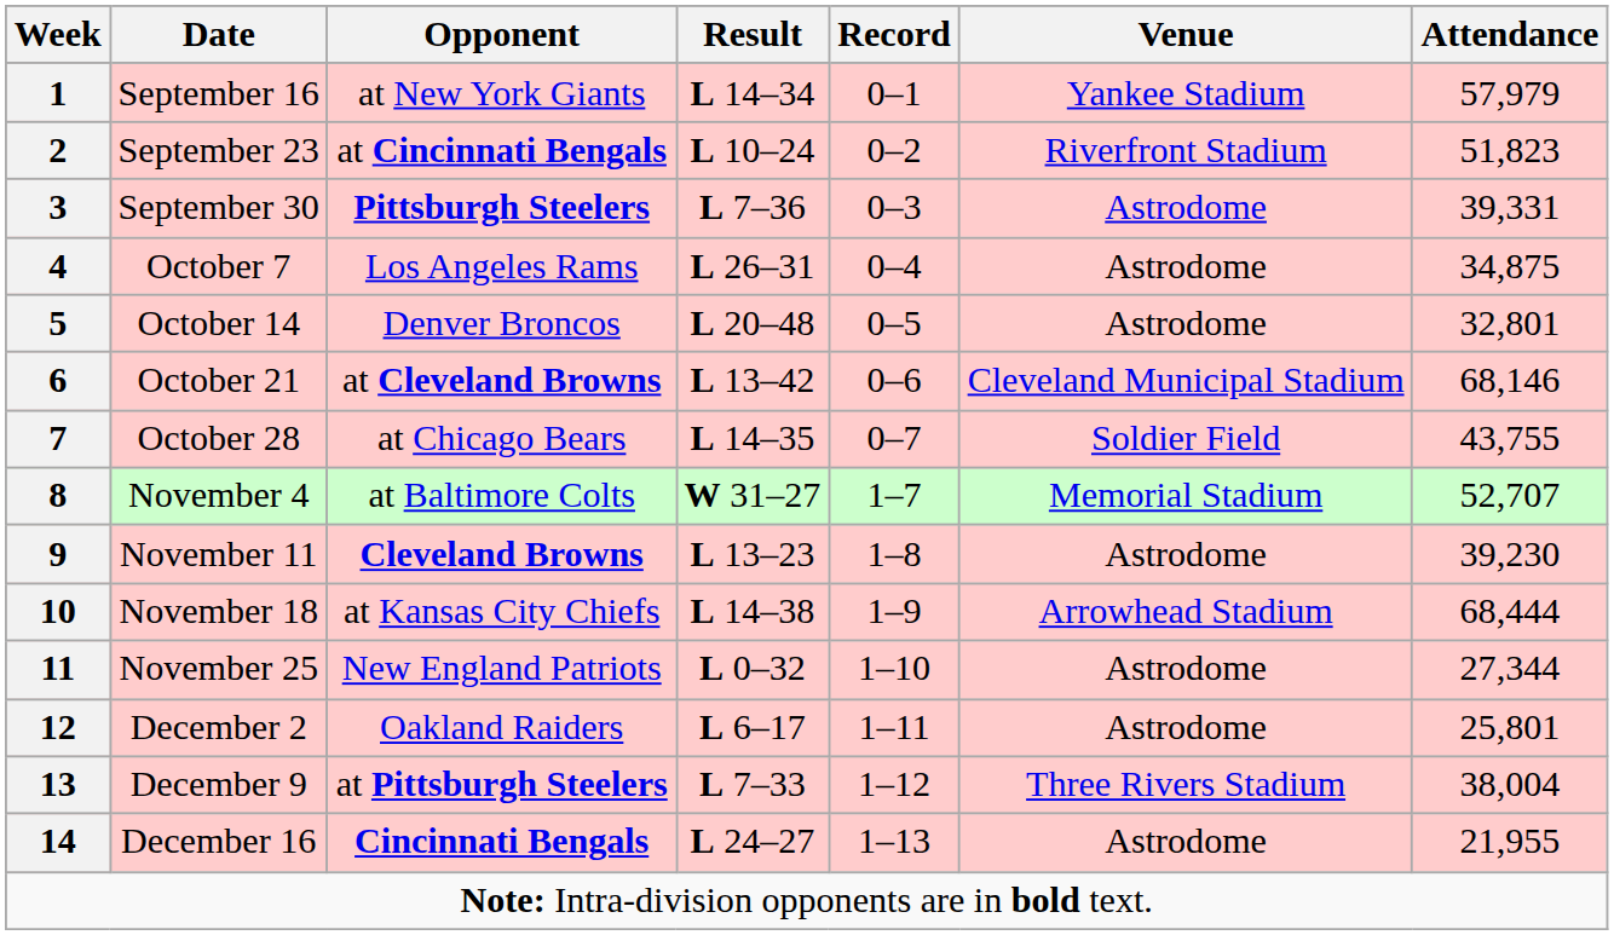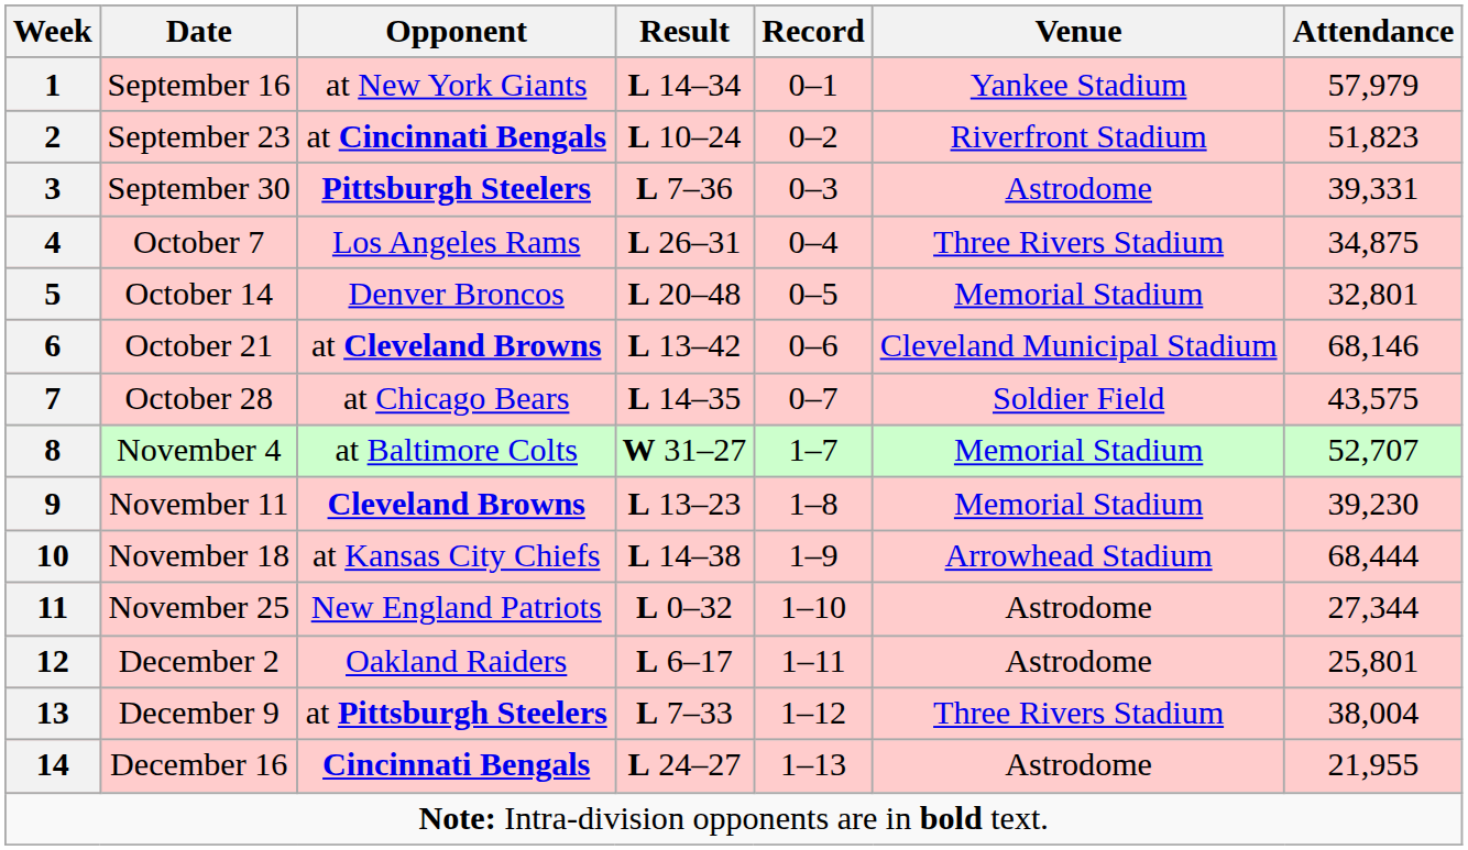 <table class="wikitable" style="text-align:center">
 <tr>
 <th>Week</th>
 <th>Date</th>
 <th>Opponent</th>
 <th>Result</th>
 <th>Record</th>
 <th>Venue</th>
 <th>Attendance</th>
 </tr>
 <tr style="background:#fcc">
 <th>1</th>
 <td>September 16</td>
 <td>at <a href='#'>New York Giants</a></td>
 <td><strong>L</strong> 14–34</td>
 <td>0–1</td>
 <td><a href='#'>Yankee Stadium</a></td>
 <td>57,979</td>
 </tr>
 <tr style="background:#fcc">
 <th>2</th>
 <td>September 23</td>
 <td>at <strong><a href='#'>Cincinnati Bengals</a></strong></td>
 <td><strong>L</strong> 10–24</td>
 <td>0–2</td>
 <td><a href='#'>Riverfront Stadium</a></td>
 <td>51,823</td>
 </tr>
 <tr style="background:#fcc">
 <th>3</th>
 <td>September 30</td>
 <td><strong><a href='#'>Pittsburgh Steelers</a></strong></td>
 <td><strong>L</strong> 7–36</td>
 <td>0–3</td>
 <td><a href='#'>Astrodome</a></td>
 <td>39,331</td>
 </tr>
 <tr style="background:#fcc">
 <th>4</th>
 <td>October 7</td>
 <td><a href='#'>Los Angeles Rams</a></td>
 <td><strong>L</strong> 26–31</td>
 <td>0–4</td>
-<td>Astrodome</td>
+<td><a href='#'>Three Rivers Stadium</a></td>
 <td>34,875</td>
 </tr>
 <tr style="background:#fcc">
 <th>5</th>
 <td>October 14</td>
 <td><a href='#'>Denver Broncos</a></td>
 <td><strong>L</strong> 20–48</td>
 <td>0–5</td>
-<td>Astrodome</td>
+<td><a href='#'>Memorial Stadium</a></td>
 <td>32,801</td>
 </tr>
 <tr style="background:#fcc">
 <th>6</th>
 <td>October 21</td>
 <td>at <strong><a href='#'>Cleveland Browns</a></strong></td>
 <td><strong>L</strong> 13–42</td>
 <td>0–6</td>
 <td><a href='#'>Cleveland Municipal Stadium</a></td>
 <td>68,146</td>
 </tr>
 <tr style="background:#fcc">
 <th>7</th>
 <td>October 28</td>
 <td>at <a href='#'>Chicago Bears</a></td>
 <td><strong>L</strong> 14–35</td>
 <td>0–7</td>
 <td><a href='#'>Soldier Field</a></td>
-<td>43,755</td>
+<td>43,575</td>
 </tr>
 <tr style="background:#cfc">
 <th>8</th>
 <td>November 4</td>
 <td>at <a href='#'>Baltimore Colts</a></td>
 <td><strong>W</strong> 31–27</td>
 <td>1–7</td>
 <td><a href='#'>Memorial Stadium</a></td>
 <td>52,707</td>
 </tr>
 <tr style="background:#fcc">
 <th>9</th>
 <td>November 11</td>
 <td><strong><a href='#'>Cleveland Browns</a></strong></td>
 <td><strong>L</strong> 13–23</td>
 <td>1–8</td>
-<td>Astrodome</td>
+<td><a href='#'>Memorial Stadium</a></td>
 <td>39,230</td>
 </tr>
 <tr style="background:#fcc">
 <th>10</th>
 <td>November 18</td>
 <td>at <a href='#'>Kansas City Chiefs</a></td>
 <td><strong>L</strong> 14–38</td>
 <td>1–9</td>
 <td><a href='#'>Arrowhead Stadium</a></td>
 <td>68,444</td>
 </tr>
 <tr style="background:#fcc">
 <th>11</th>
 <td>November 25</td>
 <td><a href='#'>New England Patriots</a></td>
 <td><strong>L</strong> 0–32</td>
 <td>1–10</td>
 <td>Astrodome</td>
 <td>27,344</td>
 </tr>
 <tr style="background:#fcc">
 <th>12</th>
 <td>December 2</td>
 <td><a href='#'>Oakland Raiders</a></td>
 <td><strong>L</strong> 6–17</td>
 <td>1–11</td>
 <td>Astrodome</td>
 <td>25,801</td>
 </tr>
 <tr style="background:#fcc">
 <th>13</th>
 <td>December 9</td>
 <td>at <strong><a href='#'>Pittsburgh Steelers</a></strong></td>
 <td><strong>L</strong> 7–33</td>
 <td>1–12</td>
 <td><a href='#'>Three Rivers Stadium</a></td>
 <td>38,004</td>
 </tr>
 <tr style="background:#fcc">
 <th>14</th>
 <td>December 16</td>
 <td><strong><a href='#'>Cincinnati Bengals</a></strong></td>
 <td><strong>L</strong> 24–27</td>
 <td>1–13</td>
 <td>Astrodome</td>
 <td>21,955</td>
 </tr>
 <tr>
 <td colspan="8"><strong>Note:</strong> Intra-division opponents are in <strong>bold</strong> text.</td>
 </tr>
 </table>
